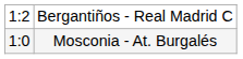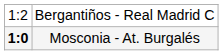 <table class="wikitable">
 <tr align=center bgcolor=white>
 <td>1:2</td>
 <td>Bergantiños - Real Madrid C</td>
 </tr>
 <tr align=center bgcolor=#F5F5F5>
-<td>1:0</td>
+<td><strong>1:0</strong></td>
 <td>Mosconia - At. Burgalés</td>
 </tr>
 </table>
